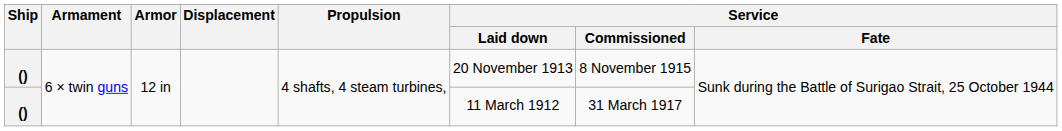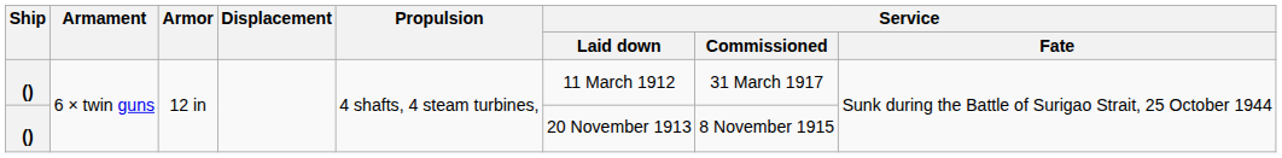 <table class="wikitable plainrowheaders" style="text-align: center;">
 <tr valign="top">
 <th scope="col" rowspan="2">Ship</th>
 <th scope="col" rowspan="2">Armament</th>
 <th scope="col" rowspan="2">Armor</th>
 <th scope="col" rowspan="2">Displacement</th>
 <th scope="col" rowspan="2">Propulsion</th>
 <th scope="col" colspan="3">Service</th>
 </tr>
 <tr valign="top">
 <th scope="col">Laid down</th>
 <th scope="col">Commissioned</th>
 <th scope="col">Fate</th>
 </tr>
 <tr valign="center">
 <th scope="row"><br>()</th>
 <td rowspan="2">6 × twin <a href='#'> guns</a></td>
 <td rowspan="2">12 in</td>
 <td rowspan="2"></td>
 <td rowspan="2">4 shafts, 4 steam turbines,<br></td>
-<td>20 November 1913</td>
-<td>8 November 1915</td>
+<td>11 March 1912</td>
+<td>31 March 1917</td>
 <td rowspan="2">Sunk during the Battle of Surigao Strait, 25 October 1944</td>
 </tr>
 <tr valign="center">
 <th scope="row"><br>()</th>
-<td>11 March 1912</td>
-<td>31 March 1917</td>
+<td>20 November 1913</td>
+<td>8 November 1915</td>
 </tr>
 </table>
